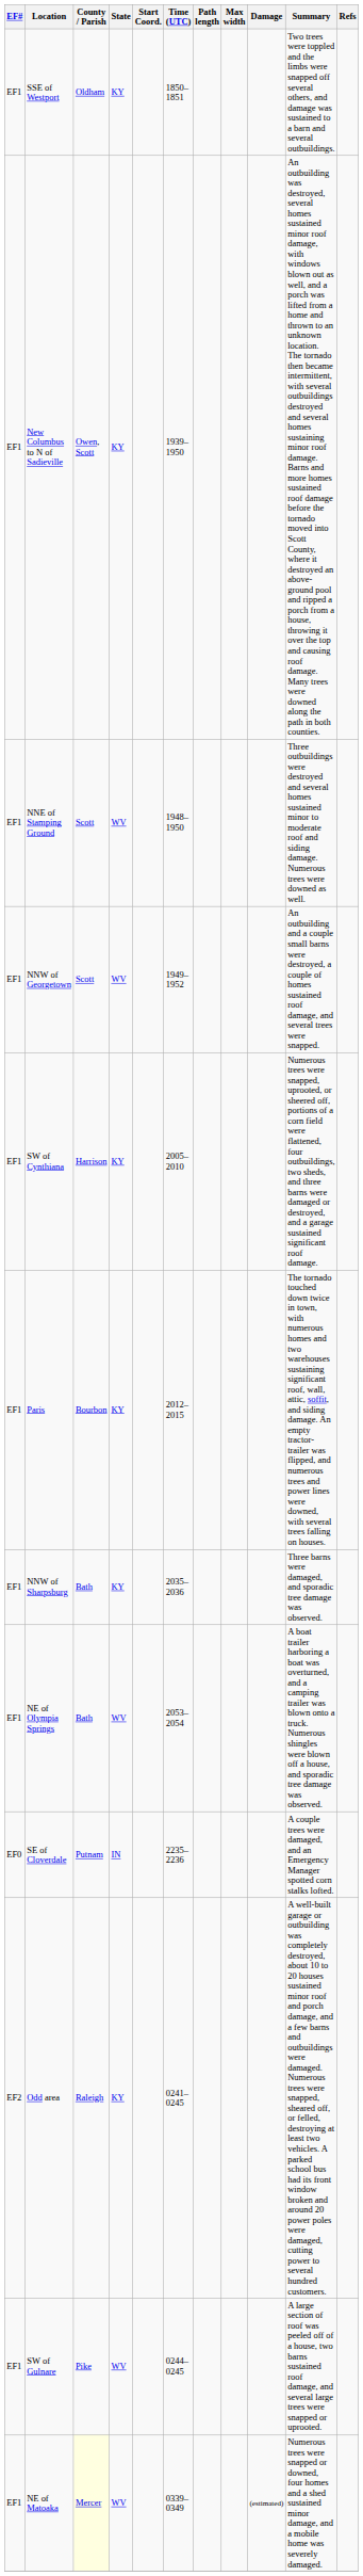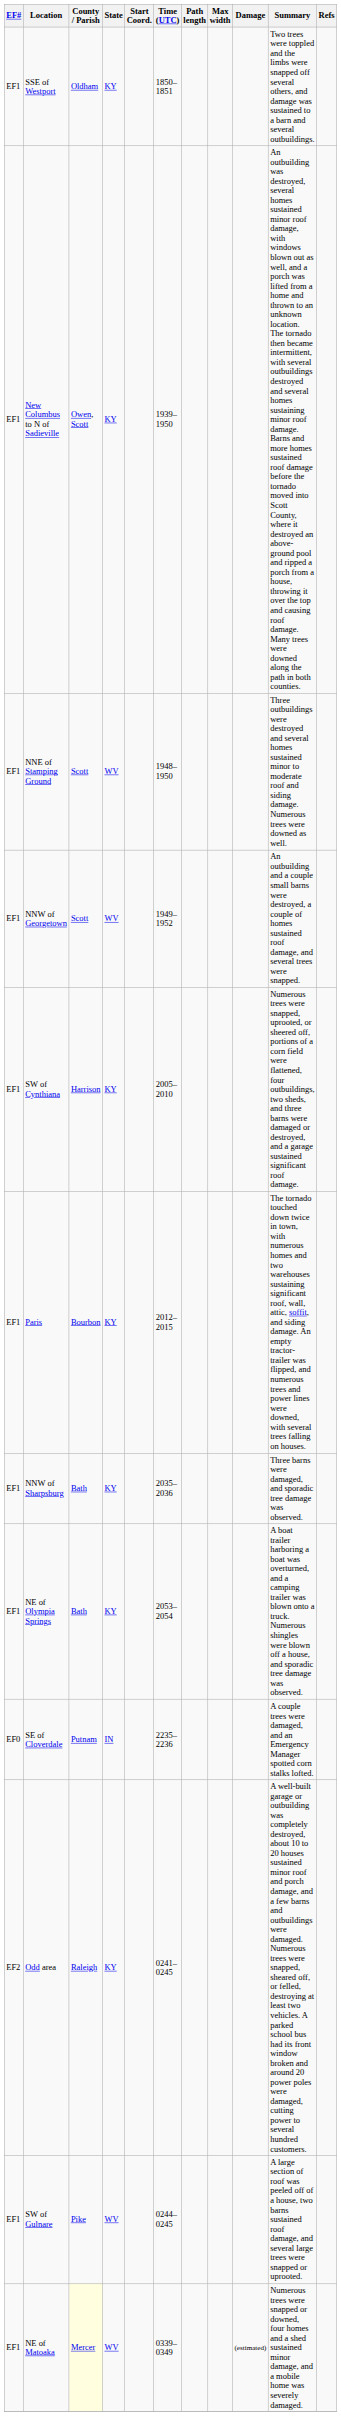 <table class="wikitable sortable" style="width:100%;">
 <tr>
 <th scope="col" width="3%" align="center"><a href='#'>EF#</a></th>
 <th scope="col" width="7%" align="center" class="unsortable">Location</th>
 <th scope="col" width="6%" align="center" class="unsortable">County / Parish</th>
 <th scope="col" width="5%" align="center">State</th>
 <th scope="col" width="6%" align="center">Start Coord.</th>
 <th scope="col" width="6%" align="center">Time (<a href='#'>UTC</a>)</th>
 <th scope="col" width="6%" align="center">Path length</th>
 <th scope="col" width="6%" align="center">Max width</th>
 <th scope="col" width="6%" align="center">Damage</th>
 <th scope="col" width="48%" class="unsortable" align="center">Summary</th>
 <th scope="col" width="48%" class="unsortable" align="center">Refs</th>
 </tr>
 <tr>
 <td>EF1</td>
 <td>SSE of <a href='#'>Westport</a></td>
 <td><a href='#'>Oldham</a></td>
 <td><a href='#'>KY</a></td>
 <td></td>
 <td>1850–1851</td>
 <td></td>
 <td></td>
 <td></td>
 <td>Two trees were toppled and the limbs were snapped off several others, and damage was sustained to a barn and several outbuildings.</td>
 <td></td>
 </tr>
 <tr>
 <td>EF1</td>
 <td><a href='#'>New Columbus</a> to N of <a href='#'>Sadieville</a></td>
 <td><a href='#'>Owen</a>, <a href='#'>Scott</a></td>
 <td><a href='#'>KY</a></td>
 <td></td>
 <td>1939–1950</td>
 <td></td>
 <td></td>
 <td></td>
 <td>An outbuilding was destroyed, several homes sustained minor roof damage, with windows blown out as well, and a porch was lifted from a home and thrown to an unknown location. The tornado then became intermittent, with several outbuildings destroyed and several homes sustaining minor roof damage. Barns and more homes sustained roof damage before the tornado moved into Scott County, where it destroyed an above-ground pool and ripped a porch from a house, throwing it over the top and causing roof damage. Many trees were downed along the path in both counties.</td>
 <td></td>
 </tr>
 <tr>
 <td>EF1</td>
 <td>NNE of <a href='#'>Stamping Ground</a></td>
 <td><a href='#'>Scott</a></td>
 <td><a href='#'>WV</a></td>
 <td></td>
 <td>1948–1950</td>
 <td></td>
 <td></td>
 <td></td>
 <td>Three outbuildings were destroyed and several homes sustained minor to moderate roof and siding damage. Numerous trees were downed as well.</td>
 <td></td>
 </tr>
 <tr>
 <td>EF1</td>
 <td>NNW of <a href='#'>Georgetown</a></td>
 <td><a href='#'>Scott</a></td>
 <td><a href='#'>WV</a></td>
 <td></td>
 <td>1949–1952</td>
 <td></td>
 <td></td>
 <td></td>
 <td>An outbuilding and a couple small barns were destroyed, a couple of homes sustained roof damage, and several trees were snapped.</td>
 <td></td>
 </tr>
 <tr>
 <td>EF1</td>
 <td>SW of <a href='#'>Cynthiana</a></td>
 <td><a href='#'>Harrison</a></td>
 <td><a href='#'>KY</a></td>
 <td></td>
 <td>2005–2010</td>
 <td></td>
 <td></td>
 <td></td>
 <td>Numerous trees were snapped, uprooted, or sheered off, portions of a corn field were flattened, four outbuildings, two sheds, and three barns were damaged or destroyed, and a garage sustained significant roof damage.</td>
 <td></td>
 </tr>
 <tr>
 <td>EF1</td>
 <td><a href='#'>Paris</a></td>
 <td><a href='#'>Bourbon</a></td>
 <td><a href='#'>KY</a></td>
 <td></td>
 <td>2012–2015</td>
 <td></td>
 <td></td>
 <td></td>
 <td>The tornado touched down twice in town, with numerous homes and two warehouses sustaining significant roof, wall, attic, <a href='#'>soffit</a>, and siding damage. An empty tractor-trailer was flipped, and numerous trees and power lines were downed, with several trees falling on houses.</td>
 <td></td>
 </tr>
 <tr>
 <td>EF1</td>
 <td>NNW of <a href='#'>Sharpsburg</a></td>
 <td><a href='#'>Bath</a></td>
 <td><a href='#'>KY</a></td>
 <td></td>
 <td>2035–2036</td>
 <td></td>
 <td></td>
 <td></td>
 <td>Three barns were damaged, and sporadic tree damage was observed.</td>
 <td></td>
 </tr>
 <tr>
 <td>EF1</td>
 <td>NE of <a href='#'>Olympia Springs</a></td>
 <td><a href='#'>Bath</a></td>
-<td><a href='#'>WV</a></td>
+<td><a href='#'>KY</a></td>
 <td></td>
 <td>2053–2054</td>
 <td></td>
 <td></td>
 <td></td>
 <td>A boat trailer harboring a boat was overturned, and a camping trailer was blown onto a truck. Numerous shingles were blown off a house, and sporadic tree damage was observed.</td>
 <td></td>
 </tr>
 <tr>
 <td>EF0</td>
 <td>SE of <a href='#'>Cloverdale</a></td>
 <td><a href='#'>Putnam</a></td>
 <td><a href='#'>IN</a></td>
 <td></td>
 <td>2235–2236</td>
 <td></td>
 <td></td>
 <td></td>
 <td>A couple trees were damaged, and an Emergency Manager spotted corn stalks lofted.</td>
 <td></td>
 </tr>
 <tr>
 <td>EF2</td>
 <td><a href='#'>Odd</a> area</td>
 <td><a href='#'>Raleigh</a></td>
 <td><a href='#'>KY</a></td>
 <td></td>
 <td>0241–0245</td>
 <td></td>
 <td></td>
 <td></td>
 <td>A well-built garage or outbuilding was completely destroyed, about 10 to 20 houses sustained minor roof and porch damage, and a few barns and outbuildings were damaged. Numerous trees were snapped, sheared off, or felled, destroying at least two vehicles. A parked school bus had its front window broken and around 20 power poles were damaged, cutting power to several hundred customers.</td>
 <td></td>
 </tr>
 <tr>
 <td>EF1</td>
 <td>SW of <a href='#'>Gulnare</a></td>
 <td><a href='#'>Pike</a></td>
 <td><a href='#'>WV</a></td>
 <td></td>
 <td>0244–0245</td>
 <td></td>
 <td></td>
 <td></td>
 <td>A large section of roof was peeled off of a house, two barns sustained roof damage, and several large trees were snapped or uprooted.</td>
 <td></td>
 </tr>
 <tr>
 <td>EF1</td>
 <td>NE of <a href='#'>Matoaka</a></td>
 <td style="background: lightyellow;"><a href='#'>Mercer</a></td>
 <td><a href='#'>WV</a></td>
 <td></td>
 <td>0339–0349</td>
 <td></td>
 <td></td>
 <td> <small>(estimated)</small></td>
 <td>Numerous trees were snapped or downed, four homes and a shed sustained minor damage, and a mobile home was severely damaged.</td>
 <td></td>
 </tr>
 <tr>
 </tr>
 </table>
